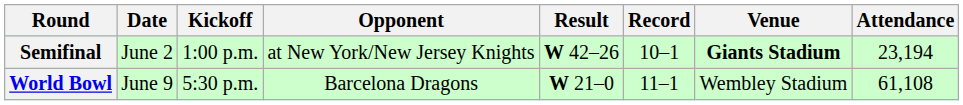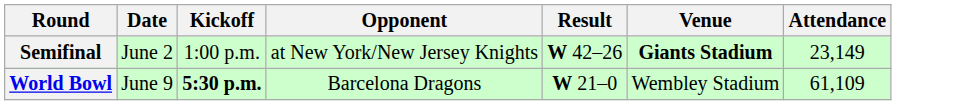 <table class="wikitable" style="text-align:center">
 <tr>
 <th>Round</th>
 <th>Date</th>
 <th>Kickoff</th>
 <th>Opponent</th>
 <th>Result</th>
-<th>Record</th>
 <th>Venue</th>
 <th>Attendance</th>
 </tr>
 <tr style="background:#cfc">
 <th>Semifinal</th>
 <td>June 2</td>
 <td>1:00 p.m.</td>
 <td>at New York/New Jersey Knights</td>
 <td><strong>W</strong> 42–26</td>
-<td>10–1</td>
 <td><strong>Giants Stadium</strong></td>
-<td>23,194</td>
+<td>23,149</td>
 </tr>
 <tr style="background:#cfc">
 <th><a href='#'>World Bowl</a></th>
 <td>June 9</td>
-<td>5:30 p.m.</td>
+<td><strong>5:30 p.m.</strong></td>
 <td>Barcelona Dragons</td>
 <td><strong>W</strong> 21–0</td>
-<td>11–1</td>
 <td>Wembley Stadium</td>
-<td>61,108</td>
+<td>61,109</td>
 </tr>
 </table>
